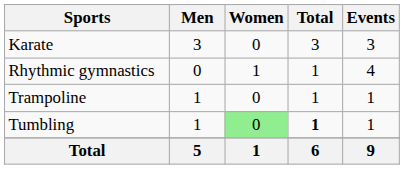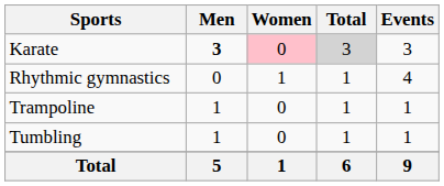 <table class="wikitable sortable" style="text-align:center;">
 <tr>
 <th width=150>Sports</th>
 <th width=45>Men</th>
 <th width=45>Women</th>
 <th width=45>Total</th>
 <th width=45>Events</th>
 </tr>
 <tr>
 <td align=left>Karate</td>
-<td>3</td>
-<td>0</td>
-<td>3</td>
+<td><strong>3</strong></td>
+<td style="background: pink;">0</td>
+<td style="background: lightgrey;">3</td>
 <td>3</td>
 </tr>
 <tr>
 <td align=left>Rhythmic gymnastics</td>
 <td>0</td>
 <td>1</td>
 <td>1</td>
 <td>4</td>
 </tr>
 <tr>
 <td align=left>Trampoline</td>
 <td>1</td>
 <td>0</td>
 <td>1</td>
 <td>1</td>
 </tr>
 <tr>
 <td align=left>Tumbling</td>
 <td>1</td>
-<td style="background: lightgreen;">0</td>
-<td><strong>1</strong></td>
+<td>0</td>
+<td>1</td>
 <td>1</td>
 </tr>
 <tr>
 </tr>
 <tr class="sortbottom">
 <th>Total</th>
 <th>5</th>
 <th>1</th>
 <th>6</th>
 <th>9</th>
 </tr>
 </table>
